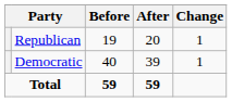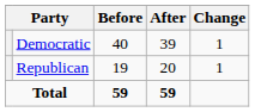 <table class="wikitable" style="text-align:center;">
 <tr>
 </tr>
 <tr>
 <th colspan=2>Party</th>
 <th>Before</th>
 <th>After</th>
 <th>Change</th>
 </tr>
 <tr>
 <th style="background-color:"></th>
-<td style="text-align:left;"><a href='#'>Republican</a></td>
-<td>19</td>
-<td>20</td>
+<td style="text-align:left;"><a href='#'>Democratic</a></td>
+<td>40</td>
+<td>39</td>
 <td> 1</td>
 </tr>
 <tr>
 <th style="background-color:"></th>
-<td style="text-align:left;"><a href='#'>Democratic</a></td>
-<td>40</td>
-<td>39</td>
+<td style="text-align:left;"><a href='#'>Republican</a></td>
+<td>19</td>
+<td>20</td>
 <td> 1</td>
 </tr>
 <tr>
 <td colspan=2><strong>Total</strong></td>
 <td><strong>59</strong></td>
 <td><strong>59</strong></td>
 <td></td>
 </tr>
 </table>
